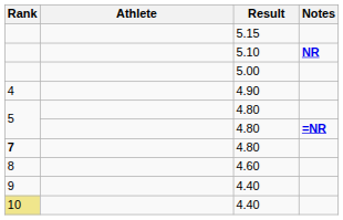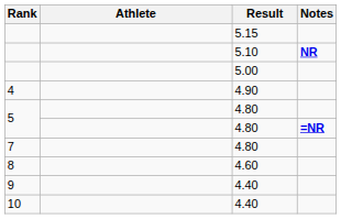 <table class=wikitable sortable style="text-align:Left">
 <tr>
 <th width=10>Rank</th>
 <th width=250>Athlete</th>
 <th width=80>Result</th>
 <th width=10>Notes</th>
 </tr>
 <tr>
 <td></td>
 <td></td>
 <td>5.15</td>
 <td></td>
 </tr>
 <tr>
 <td></td>
 <td></td>
 <td>5.10</td>
 <td><strong><a href='#'>NR</a></strong></td>
 </tr>
 <tr>
 <td></td>
 <td></td>
 <td>5.00</td>
 <td></td>
 </tr>
 <tr>
 <td>4</td>
 <td></td>
 <td>4.90</td>
 <td></td>
 </tr>
 <tr>
 <td rowspan=2>5</td>
 <td></td>
 <td>4.80</td>
 <td></td>
 </tr>
 <tr>
 <td></td>
 <td>4.80</td>
 <td><strong><a href='#'>=NR</a></strong></td>
 </tr>
 <tr>
-<td><strong>7</strong></td>
+<td>7</td>
 <td></td>
 <td>4.80</td>
 <td></td>
 </tr>
 <tr>
 <td>8</td>
 <td></td>
 <td>4.60</td>
 <td></td>
 </tr>
 <tr>
 <td>9</td>
 <td></td>
 <td>4.40</td>
 <td></td>
 </tr>
 <tr>
-<td style="background: khaki;">10</td>
+<td>10</td>
 <td></td>
 <td>4.40</td>
 <td></td>
 </tr>
 </table>
